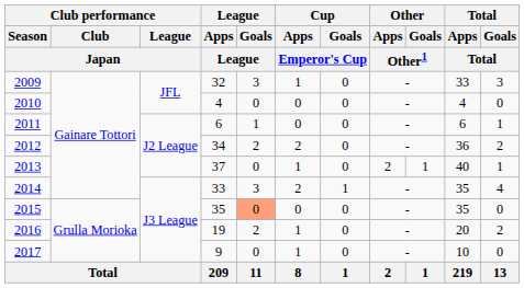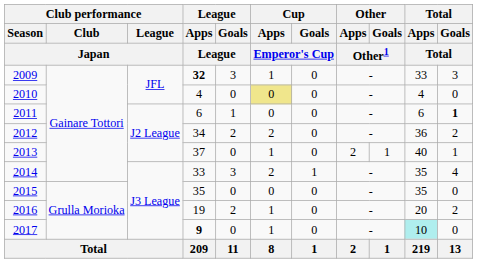 <table class="wikitable" style="text-align:center;">
 <tr>
 <th colspan=3>Club performance</th>
 <th colspan=2>League</th>
 <th colspan=2>Cup</th>
 <th colspan=2>Other</th>
 <th colspan=2>Total</th>
 </tr>
 <tr>
 <th>Season</th>
 <th>Club</th>
 <th>League</th>
 <th>Apps</th>
 <th>Goals</th>
 <th>Apps</th>
 <th>Goals</th>
 <th>Apps</th>
 <th>Goals</th>
 <th>Apps</th>
 <th>Goals</th>
 </tr>
 <tr>
 <th colspan=3>Japan</th>
 <th colspan=2>League</th>
 <th colspan=2><a href='#'>Emperor's Cup</a></th>
 <th colspan="2">Other<sup><a href='#'>1</a></sup></th>
 <th colspan=2>Total</th>
 </tr>
 <tr>
 <td><a href='#'>2009</a></td>
 <td rowspan="6"><a href='#'>Gainare Tottori</a></td>
 <td rowspan="2"><a href='#'>JFL</a></td>
-<td>32</td>
+<td><strong>32</strong></td>
 <td>3</td>
 <td>1</td>
 <td>0</td>
 <td colspan="2">-</td>
 <td>33</td>
 <td>3</td>
 </tr>
 <tr>
 <td><a href='#'>2010</a></td>
 <td>4</td>
 <td>0</td>
-<td>0</td>
+<td style="background: khaki;">0</td>
 <td>0</td>
 <td colspan="2">-</td>
 <td>4</td>
 <td>0</td>
 </tr>
 <tr>
 <td><a href='#'>2011</a></td>
 <td rowspan="3"><a href='#'>J2 League</a></td>
 <td>6</td>
 <td>1</td>
 <td>0</td>
 <td>0</td>
 <td colspan="2">-</td>
 <td>6</td>
-<td>1</td>
+<td><strong>1</strong></td>
 </tr>
 <tr>
 <td><a href='#'>2012</a></td>
 <td>34</td>
 <td>2</td>
 <td>2</td>
 <td>0</td>
 <td colspan="2">-</td>
 <td>36</td>
 <td>2</td>
 </tr>
 <tr>
 <td><a href='#'>2013</a></td>
 <td>37</td>
 <td>0</td>
 <td>1</td>
 <td>0</td>
 <td>2</td>
 <td>1</td>
 <td>40</td>
 <td>1</td>
 </tr>
 <tr>
 <td><a href='#'>2014</a></td>
 <td rowspan="4"><a href='#'>J3 League</a></td>
 <td>33</td>
 <td>3</td>
 <td>2</td>
 <td>1</td>
 <td colspan="2">-</td>
 <td>35</td>
 <td>4</td>
 </tr>
 <tr>
 <td><a href='#'>2015</a></td>
 <td rowspan="3"><a href='#'>Grulla Morioka</a></td>
 <td>35</td>
-<td style="background: lightsalmon;">0</td>
+<td>0</td>
 <td>0</td>
 <td>0</td>
 <td colspan="2">-</td>
 <td>35</td>
 <td>0</td>
 </tr>
 <tr>
 <td><a href='#'>2016</a></td>
 <td>19</td>
 <td>2</td>
 <td>1</td>
 <td>0</td>
 <td colspan="2">-</td>
 <td>20</td>
 <td>2</td>
 </tr>
 <tr>
 <td><a href='#'>2017</a></td>
-<td>9</td>
+<td><strong>9</strong></td>
 <td>0</td>
 <td>1</td>
 <td>0</td>
 <td colspan="2">-</td>
-<td>10</td>
+<td style="background: paleturquoise;">10</td>
 <td>0</td>
 </tr>
 <tr>
 <th colspan=3>Total</th>
 <th>209</th>
 <th>11</th>
 <th>8</th>
 <th>1</th>
 <th>2</th>
 <th>1</th>
 <th>219</th>
 <th>13</th>
 </tr>
 </table>
